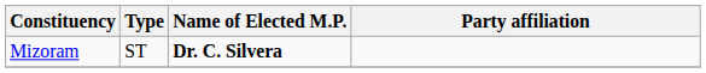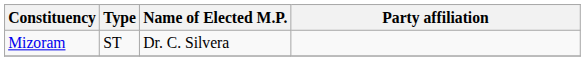 <table class="wikitable" style="font-size:95%;">
 <tr>
 <th>Constituency</th>
 <th>Type</th>
 <th>Name of Elected M.P.</th>
 <th colspan="2" style="width:18em">Party affiliation</th>
 </tr>
 <tr>
 <td><a href='#'>Mizoram</a></td>
 <td>ST</td>
-<td><strong>Dr. C. Silvera</strong></td>
+<td>Dr. C. Silvera</td>
 <td></td>
 </tr>
 <tr>
 </tr>
 </table>
